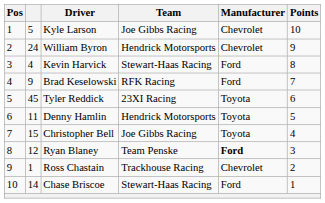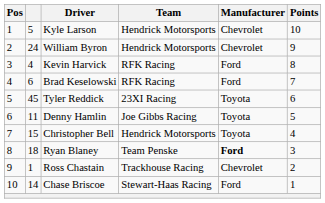 <table class="wikitable" style="font-size:98%">
 <tr>
 <th>Pos</th>
 <th></th>
 <th>Driver</th>
 <th>Team</th>
 <th>Manufacturer</th>
 <th>Points</th>
 </tr>
 <tr>
 <td>1</td>
 <td>5</td>
 <td>Kyle Larson</td>
-<td>Joe Gibbs Racing</td>
+<td>Hendrick Motorsports</td>
 <td>Chevrolet</td>
 <td>10</td>
 </tr>
 <tr>
 <td>2</td>
 <td>24</td>
 <td>William Byron</td>
 <td>Hendrick Motorsports</td>
 <td>Chevrolet</td>
 <td>9</td>
 </tr>
 <tr>
 <td>3</td>
 <td>4</td>
 <td>Kevin Harvick</td>
-<td>Stewart-Haas Racing</td>
+<td>RFK Racing</td>
 <td>Ford</td>
 <td>8</td>
 </tr>
 <tr>
 <td>4</td>
-<td>9</td>
+<td>6</td>
 <td>Brad Keselowski</td>
 <td>RFK Racing</td>
 <td>Ford</td>
 <td>7</td>
 </tr>
 <tr>
 <td>5</td>
 <td>45</td>
 <td>Tyler Reddick</td>
 <td>23XI Racing</td>
 <td>Toyota</td>
 <td>6</td>
 </tr>
 <tr>
 <td>6</td>
 <td>11</td>
 <td>Denny Hamlin</td>
-<td>Hendrick Motorsports</td>
+<td>Joe Gibbs Racing</td>
 <td>Toyota</td>
 <td>5</td>
 </tr>
 <tr>
 <td>7</td>
 <td>15</td>
 <td>Christopher Bell</td>
-<td>Joe Gibbs Racing</td>
+<td>Hendrick Motorsports</td>
 <td>Toyota</td>
 <td>4</td>
 </tr>
 <tr>
 <td>8</td>
-<td>12</td>
+<td>18</td>
 <td>Ryan Blaney</td>
 <td>Team Penske</td>
 <td><strong>Ford</strong></td>
 <td>3</td>
 </tr>
 <tr>
 <td>9</td>
 <td>1</td>
 <td>Ross Chastain</td>
 <td>Trackhouse Racing</td>
 <td>Chevrolet</td>
 <td>2</td>
 </tr>
 <tr>
 <td>10</td>
 <td>14</td>
 <td>Chase Briscoe</td>
 <td>Stewart-Haas Racing</td>
 <td>Ford</td>
 <td>1</td>
 </tr>
 <tr>
 <th colspan="6"></th>
 </tr>
 </table>
